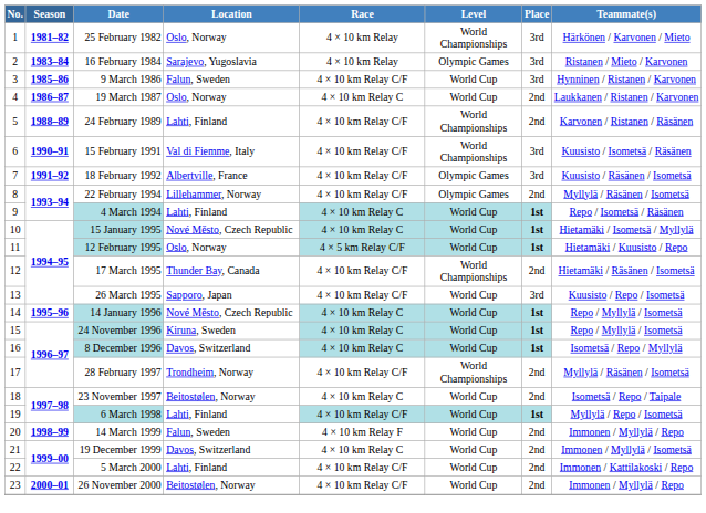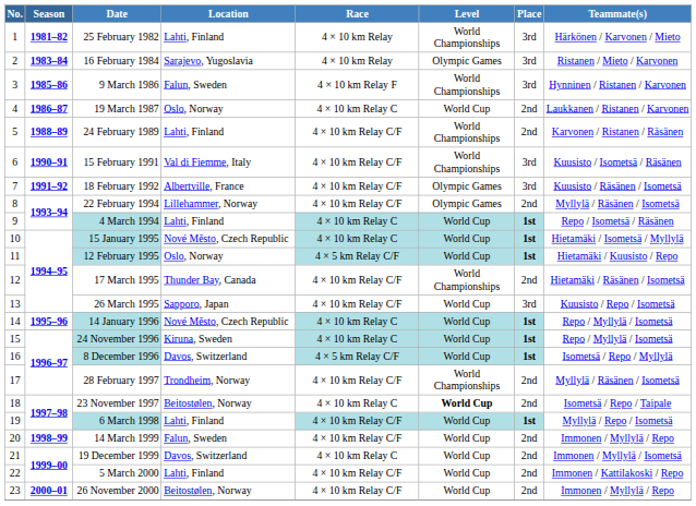 <table class="wikitable sortable" style="font-size:95%; text-align:center; border:grey solid 1px; border-collapse:collapse; background:#ffffff;">
 <tr style="background:#efefef;">
 <th style="background-color:#369; color:white;">No.</th>
 <th style="background-color:#369; color:white;">Season</th>
 <th style="background-color:#4180be; color:white; width:120px;">Date</th>
 <th style="background-color:#4180be; color:white; width:185px;">Location</th>
 <th style="background-color:#4180be; color:white; width:170px;">Race</th>
 <th style="background-color:#4180be; color:white; width:130px;">Level</th>
 <th style="background-color:#4180be; color:white;">Place</th>
 <th style="background-color:#4180be; color:white;">Teammate(s)</th>
 </tr>
 <tr>
 <td align=center>1</td>
 <td rowspan=1 align=center><strong> <a href='#'>1981–82</a> </strong></td>
 <td align=right>25 February 1982</td>
-<td align=left> <a href='#'>Oslo</a>, Norway</td>
+<td align=left> <a href='#'>Lahti</a>, Finland</td>
 <td>4 × 10 km Relay</td>
 <td>World Championships</td>
 <td>3rd</td>
 <td><a href='#'>Härkönen</a> / <a href='#'>Karvonen</a> / <a href='#'>Mieto</a></td>
 </tr>
 <tr>
 <td align=center>2</td>
 <td rowspan=1 align=center><strong> <a href='#'>1983–84</a> </strong></td>
 <td align=right>16 February 1984</td>
 <td align=left> <a href='#'>Sarajevo</a>, Yugoslavia</td>
 <td>4 × 10 km Relay</td>
 <td>Olympic Games</td>
 <td>3rd</td>
 <td><a href='#'>Ristanen</a> / <a href='#'>Mieto</a> / <a href='#'>Karvonen</a></td>
 </tr>
 <tr>
 <td align=center>3</td>
 <td rowspan=1 align=center><strong> <a href='#'>1985–86</a> </strong></td>
 <td align=right>9 March 1986</td>
 <td align=left> <a href='#'>Falun</a>, Sweden</td>
-<td>4 × 10 km Relay C/F</td>
-<td>World Cup</td>
+<td>4 × 10 km Relay F</td>
+<td>World Championships</td>
 <td>3rd</td>
 <td><a href='#'>Hynninen</a> / <a href='#'>Ristanen</a> / <a href='#'>Karvonen</a></td>
 </tr>
 <tr>
 <td align=center>4</td>
 <td rowspan=1 align=center><strong> <a href='#'>1986–87</a> </strong></td>
 <td align=right>19 March 1987</td>
 <td align=left> <a href='#'>Oslo</a>, Norway</td>
 <td>4 × 10 km Relay C</td>
 <td>World Cup</td>
 <td>2nd</td>
 <td><a href='#'>Laukkanen</a> / <a href='#'>Ristanen</a> / <a href='#'>Karvonen</a></td>
 </tr>
 <tr>
 <td align=center>5</td>
 <td rowspan=1 align=center><strong> <a href='#'>1988–89</a> </strong></td>
 <td align=right>24 February 1989</td>
 <td align=left> <a href='#'>Lahti</a>, Finland</td>
 <td>4 × 10 km Relay C/F</td>
 <td>World Championships</td>
 <td>2nd</td>
 <td><a href='#'>Karvonen</a> / <a href='#'>Ristanen</a> / <a href='#'>Räsänen</a></td>
 </tr>
 <tr>
 <td align=center>6</td>
 <td rowspan=1 align=center><strong> <a href='#'>1990–91</a> </strong></td>
 <td align=right>15 February 1991</td>
 <td align=left> <a href='#'>Val di Fiemme</a>, Italy</td>
 <td>4 × 10 km Relay C/F</td>
 <td>World Championships</td>
 <td>3rd</td>
 <td><a href='#'>Kuusisto</a> / <a href='#'>Isometsä</a> / <a href='#'>Räsänen</a></td>
 </tr>
 <tr>
 <td align=center>7</td>
 <td rowspan=1 align=center><strong> <a href='#'>1991–92</a> </strong></td>
 <td align=right>18 February 1992</td>
 <td align=left> <a href='#'>Albertville</a>, France</td>
 <td>4 × 10 km Relay C/F</td>
 <td>Olympic Games</td>
 <td>3rd</td>
 <td><a href='#'>Kuusisto</a> / <a href='#'>Räsänen</a> / <a href='#'>Isometsä</a></td>
 </tr>
 <tr>
 <td align=center>8</td>
 <td rowspan=2 align=center><strong> <a href='#'>1993–94</a> </strong></td>
 <td align=right>22 February 1994</td>
 <td align=left> <a href='#'>Lillehammer</a>, Norway</td>
 <td>4 × 10 km Relay C/F</td>
 <td>Olympic Games</td>
 <td>2nd</td>
 <td><a href='#'>Myllylä</a> / <a href='#'>Räsänen</a> / <a href='#'>Isometsä</a></td>
 </tr>
 <tr>
 <td align=center>9</td>
 <td bgcolor="#BOEOE6" align=right>4 March 1994</td>
 <td align=left> <a href='#'>Lahti</a>, Finland</td>
 <td bgcolor="#BOEOE6">4 × 10 km Relay C</td>
 <td bgcolor="#BOEOE6">World Cup</td>
 <td bgcolor="#BOEOE6"><strong>1st</strong></td>
 <td><a href='#'>Repo</a> / <a href='#'>Isometsä</a> / <a href='#'>Räsänen</a></td>
 </tr>
 <tr>
 <td align=center>10</td>
 <td rowspan=4 align=center><strong><a href='#'>1994–95</a></strong></td>
 <td bgcolor="#BOEOE6" align=right>15 January 1995</td>
 <td align=left> <a href='#'>Nové Město</a>, Czech Republic</td>
 <td bgcolor="#BOEOE6">4 × 10 km Relay C</td>
 <td bgcolor="#BOEOE6">World Cup</td>
 <td bgcolor="#BOEOE6"><strong>1st</strong></td>
 <td><a href='#'>Hietamäki</a> / <a href='#'>Isometsä</a> / <a href='#'>Myllylä</a></td>
 </tr>
 <tr>
 <td align=center>11</td>
 <td bgcolor="#BOEOE6" align=right>12 February 1995</td>
 <td align=left> <a href='#'>Oslo</a>, Norway</td>
 <td bgcolor="#BOEOE6">4 × 5 km Relay C/F</td>
 <td bgcolor="#BOEOE6">World Cup</td>
 <td bgcolor="#BOEOE6"><strong>1st</strong></td>
 <td><a href='#'>Hietamäki</a> / <a href='#'>Kuusisto</a> / <a href='#'>Repo</a></td>
 </tr>
 <tr>
 <td align=center>12</td>
 <td align=right>17 March 1995</td>
 <td align=left> <a href='#'>Thunder Bay</a>, Canada</td>
 <td>4 × 10 km Relay C/F</td>
 <td>World Championships</td>
 <td>2nd</td>
 <td><a href='#'>Hietamäki</a> / <a href='#'>Räsänen</a> / <a href='#'>Isometsä</a></td>
 </tr>
 <tr>
 <td align=center>13</td>
 <td align=right>26 March 1995</td>
 <td align=left> <a href='#'>Sapporo</a>, Japan</td>
 <td>4 × 10 km Relay C/F</td>
 <td>World Cup</td>
 <td>3rd</td>
 <td><a href='#'>Kuusisto</a> / <a href='#'>Repo</a> / <a href='#'>Isometsä</a></td>
 </tr>
 <tr>
 <td align=center>14</td>
 <td rowspan=1 align=center><strong><a href='#'>1995–96</a></strong></td>
 <td bgcolor="#BOEOE6" align=right>14 January 1996</td>
 <td align=left> <a href='#'>Nové Město</a>, Czech Republic</td>
 <td bgcolor="#BOEOE6">4 × 10 km Relay C</td>
 <td bgcolor="#BOEOE6">World Cup</td>
 <td bgcolor="#BOEOE6"><strong>1st</strong></td>
 <td><a href='#'>Repo</a> / <a href='#'>Myllylä</a> / <a href='#'>Isometsä</a></td>
 </tr>
 <tr>
 <td align=center>15</td>
 <td rowspan=3 align=center><strong><a href='#'>1996–97</a></strong></td>
 <td bgcolor="#BOEOE6" align=right>24 November 1996</td>
 <td align=left> <a href='#'>Kiruna</a>, Sweden</td>
 <td bgcolor="#BOEOE6">4 × 10 km Relay C</td>
 <td bgcolor="#BOEOE6">World Cup</td>
 <td bgcolor="#BOEOE6"><strong>1st</strong></td>
 <td><a href='#'>Repo</a> / <a href='#'>Myllylä</a> / <a href='#'>Isometsä</a></td>
 </tr>
 <tr>
 <td align=center>16</td>
 <td bgcolor="#BOEOE6" align=right>8 December 1996</td>
 <td align=left> <a href='#'>Davos</a>, Switzerland</td>
-<td bgcolor="#BOEOE6">4 × 10 km Relay C</td>
+<td bgcolor="#BOEOE6">4 × 5 km Relay C/F</td>
 <td bgcolor="#BOEOE6">World Cup</td>
 <td bgcolor="#BOEOE6"><strong>1st</strong></td>
 <td><a href='#'>Isometsä</a> / <a href='#'>Repo</a> / <a href='#'>Myllylä</a></td>
 </tr>
 <tr>
 <td align=center>17</td>
 <td align=right>28 February 1997</td>
 <td align=left> <a href='#'>Trondheim</a>, Norway</td>
 <td>4 × 10 km Relay C/F</td>
 <td>World Championships</td>
 <td>2nd</td>
 <td><a href='#'>Myllylä</a> / <a href='#'>Räsänen</a> / <a href='#'>Isometsä</a></td>
 </tr>
 <tr>
 <td align=center>18</td>
 <td rowspan=2 align=center><strong> <a href='#'>1997–98</a> </strong></td>
 <td align=right>23 November 1997</td>
 <td align=left> <a href='#'>Beitostølen</a>, Norway</td>
 <td>4 × 10 km Relay C</td>
-<td>World Cup</td>
+<td><strong>World Cup</strong></td>
 <td>2nd</td>
 <td><a href='#'>Isometsä</a> / <a href='#'>Repo</a> / <a href='#'>Taipale</a></td>
 </tr>
 <tr>
 <td align=center>19</td>
 <td bgcolor="#BOEOE6" align=right>6 March 1998</td>
 <td align=left> <a href='#'>Lahti</a>, Finland</td>
 <td bgcolor="#BOEOE6">4 × 10 km Relay C/F</td>
 <td bgcolor="#BOEOE6">World Cup</td>
 <td bgcolor="#BOEOE6"><strong>1st</strong></td>
 <td><a href='#'>Myllylä</a> / <a href='#'>Repo</a> / <a href='#'>Isometsä</a></td>
 </tr>
 <tr>
 <td align=center>20</td>
 <td rowspan=1 align=center><strong> <a href='#'>1998–99</a> </strong></td>
 <td align=right>14 March 1999</td>
 <td align=left> <a href='#'>Falun</a>, Sweden</td>
-<td>4 × 10 km Relay F</td>
+<td>4 × 10 km Relay C/F</td>
 <td>World Cup</td>
 <td>2nd</td>
 <td><a href='#'>Immonen</a> / <a href='#'>Myllylä</a> / <a href='#'>Repo</a></td>
 </tr>
 <tr>
 <td align=center>21</td>
 <td rowspan=2 align=center><strong> <a href='#'>1999–00</a> </strong></td>
 <td align=right>19 December 1999</td>
 <td align=left> <a href='#'>Davos</a>, Switzerland</td>
 <td>4 × 10 km Relay C</td>
 <td>World Cup</td>
 <td>2nd</td>
 <td><a href='#'>Immonen</a> / <a href='#'>Myllylä</a> / <a href='#'>Isometsä</a></td>
 </tr>
 <tr>
 <td align=center>22</td>
 <td align=right>5 March 2000</td>
 <td align=left> <a href='#'>Lahti</a>, Finland</td>
 <td>4 × 10 km Relay C/F</td>
 <td>World Cup</td>
 <td>2nd</td>
 <td><a href='#'>Immonen</a> / <a href='#'>Kattilakoski</a> / <a href='#'>Repo</a></td>
 </tr>
 <tr>
 <td align=center>23</td>
 <td rowspan=1 align=center><strong> <a href='#'>2000–01</a> </strong></td>
 <td align=right>26 November 2000</td>
 <td align=left> <a href='#'>Beitostølen</a>, Norway</td>
 <td>4 × 10 km Relay C/F</td>
 <td>World Cup</td>
 <td>2nd</td>
 <td><a href='#'>Immonen</a> / <a href='#'>Myllylä</a> / <a href='#'>Repo</a></td>
 </tr>
 <tr>
 </tr>
 </table>
